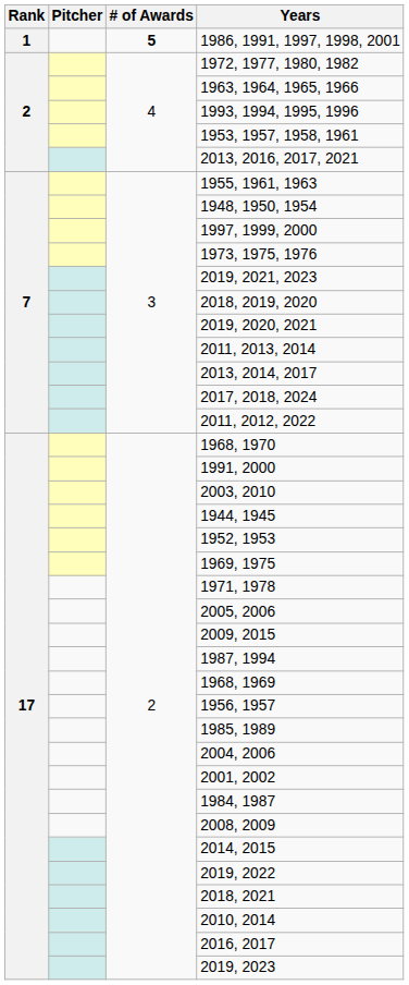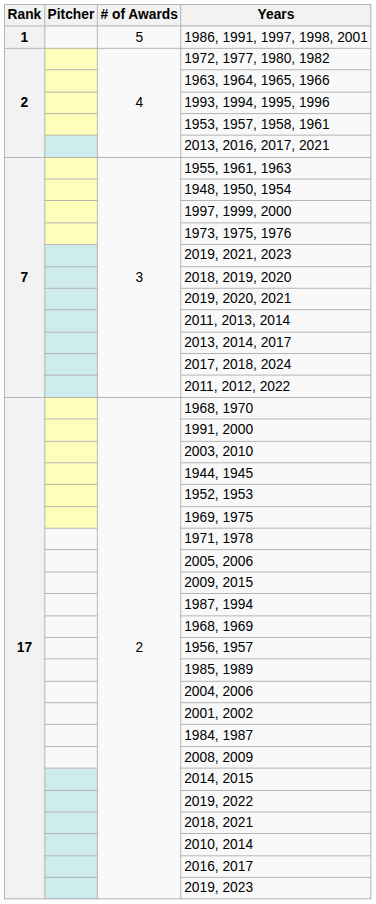 <table class="wikitable sortable" style="text-align:center">
 <tr>
 <th>Rank</th>
 <th>Pitcher</th>
 <th># of Awards</th>
 <th>Years</th>
 </tr>
 <tr>
 <th rowspan=1>1</th>
 <td></td>
-<td><strong>5</strong></td>
+<td>5</td>
 <td style="text-align:left;">1986, 1991, 1997, 1998, 2001</td>
 </tr>
 <tr>
 <th rowspan=5>2</th>
 <th scope="row" style="background-color: #ffffbb"> <sup></sup></th>
 <td rowspan=5 style="text-align:center;">4</td>
 <td style="text-align:left;">1972, 1977, 1980, 1982</td>
 </tr>
 <tr>
 <th scope="row" style="background-color: #ffffbb"> <sup></sup></th>
 <td style="text-align:left;">1963, 1964, 1965, 1966</td>
 </tr>
 <tr>
 <th scope="row" style="background-color: #ffffbb"> <sup></sup></th>
 <td style="text-align:left;">1993, 1994, 1995, 1996</td>
 </tr>
 <tr>
 <th scope="row" style="background-color: #ffffbb"> <sup></sup></th>
 <td style="text-align:left;">1953, 1957, 1958, 1961</td>
 </tr>
 <tr>
 <th scope="row" style="background:#cfecec;"></th>
 <td style="text-align:left;">2013, 2016, 2017, 2021</td>
 </tr>
 <tr>
 <th rowspan=11>7</th>
 <th scope="row" style="background-color: #ffffbb"> <sup></sup></th>
 <td rowspan=11 style="text-align:center;">3</td>
 <td style="text-align:left;">1955, 1961, 1963</td>
 </tr>
 <tr>
 <th scope="row" style="background-color: #ffffbb"> <sup></sup></th>
 <td style="text-align:left;">1948, 1950, 1954</td>
 </tr>
 <tr>
 <th scope="row" style="background-color: #ffffbb"> <sup></sup></th>
 <td style="text-align:left;">1997, 1999, 2000</td>
 </tr>
 <tr>
 <th scope="row" style="background-color: #ffffbb"> <sup></sup></th>
 <td style="text-align:left;">1973, 1975, 1976</td>
 </tr>
 <tr>
 <th scope="row" style="background:#cfecec;"></th>
 <td style="text-align:left;">2019, 2021, 2023</td>
 </tr>
 <tr>
 <th scope="row" style="background:#cfecec;"></th>
 <td style="text-align:left;">2018, 2019, 2020</td>
 </tr>
 <tr>
 <th scope="row" style="background:#cfecec;"></th>
 <td style="text-align:left;">2019, 2020, 2021</td>
 </tr>
 <tr>
 <th scope="row" style="background:#cfecec;"></th>
 <td style="text-align:left;">2011, 2013, 2014</td>
 </tr>
 <tr>
 <th scope="row" style="background:#cfecec;"></th>
 <td style="text-align:left;">2013, 2014, 2017</td>
 </tr>
 <tr>
 <th scope="row" style="background:#cfecec;"></th>
 <td style="text-align:left;">2017, 2018, 2024</td>
 </tr>
 <tr>
 <th scope="row" style="background:#cfecec;"></th>
 <td style="text-align:left;">2011, 2012, 2022</td>
 </tr>
 <tr>
 <th rowspan=24>17</th>
 <th scope="row" style="background-color: #ffffbb"> <sup></sup></th>
 <td rowspan=23 style="text-align:center;">2</td>
 <td style="text-align:left;">1968, 1970</td>
 </tr>
 <tr>
 <th scope="row" style="background-color: #ffffbb"> <sup></sup></th>
 <td style="text-align:left;">1991, 2000</td>
 </tr>
 <tr>
 <th scope="row" style="text-align:center; background-color: #ffffbb"> <sup></sup></th>
 <td style="text-align:left;">2003, 2010</td>
 </tr>
 <tr>
 <th scope="row" style="background-color: #ffffbb"> <sup></sup></th>
 <td style="text-align:left;">1944, 1945</td>
 </tr>
 <tr>
 <th scope="row" style="background-color: #ffffbb;"> <sup></sup></th>
 <td style="text-align:left;">1952, 1953</td>
 </tr>
 <tr>
 <th scope="row" style="background-color: #ffffbb"> <sup></sup></th>
 <td style="text-align:left;">1969, 1975</td>
 </tr>
 <tr>
 <td></td>
 <td style="text-align:left;">1971, 1978</td>
 </tr>
 <tr>
 <td></td>
 <td style="text-align:left;">2005, 2006</td>
 </tr>
 <tr>
 <td></td>
 <td style="text-align:left;">2009, 2015</td>
 </tr>
 <tr>
 <td></td>
 <td style="text-align:left;">1987, 1994</td>
 </tr>
 <tr>
 <td></td>
 <td style="text-align:left;">1968, 1969</td>
 </tr>
 <tr>
 <td></td>
 <td style="text-align:left;">1956, 1957</td>
 </tr>
 <tr>
 <td></td>
 <td style="text-align:left;">1985, 1989</td>
 </tr>
 <tr>
 <td></td>
 <td style="text-align:left;">2004, 2006</td>
 </tr>
 <tr>
 <td></td>
 <td style="text-align:left;">2001, 2002</td>
 </tr>
 <tr>
 <td></td>
 <td style="text-align:left;">1984, 1987</td>
 </tr>
 <tr>
 <td></td>
 <td style="text-align:left;">2008, 2009</td>
 </tr>
 <tr>
 <th scope="row" style="background:#cfecec;"></th>
 <td style="text-align:left;">2014, 2015</td>
 </tr>
 <tr>
 <th scope="row" style="background:#cfecec;"></th>
 <td style="text-align:left;">2019, 2022</td>
 </tr>
 <tr>
 <th scope="row" style="background:#cfecec;"></th>
 <td style="text-align:left;">2018, 2021</td>
 </tr>
 <tr>
 <th scope="row" style="background:#cfecec;"></th>
 <td style="text-align:left;">2010, 2014</td>
 </tr>
 <tr>
 <th scope="row" style="background:#cfecec;"></th>
 <td style="text-align:left;">2016, 2017</td>
 </tr>
 <tr>
 <th scope="row" style="background:#cfecec;"></th>
 <td style="text-align:left;">2019, 2023</td>
 </tr>
 </table>
